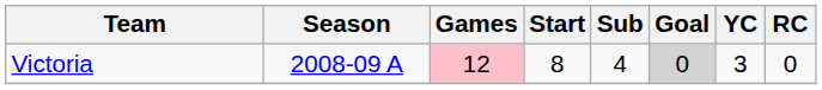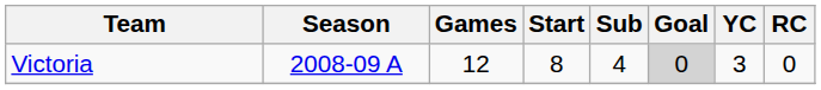 <table class="wikitable" border="1">
 <tr>
 <th width="160">Team</th>
 <th width="100">Season</th>
 <th width="25">Games</th>
 <th width="25">Start</th>
 <th width="25">Sub</th>
 <th width="25">Goal</th>
 <th width="25">YC</th>
 <th width="25">RC</th>
 </tr>
 <tr>
 <td width="100"><a href='#'>Victoria</a></td>
 <td align="center"><a href='#'>2008-09 A</a></td>
-<td align="center" style="background: pink;">12</td>
+<td align="center">12</td>
 <td align="center">8</td>
 <td align="center">4</td>
 <td align="center" style="background: lightgrey;">0</td>
 <td align="center">3</td>
 <td align="center">0</td>
 </tr>
 <tr>
 </tr>
 </table>
